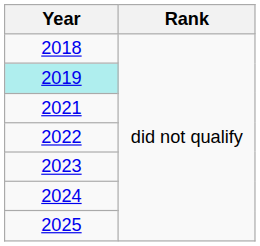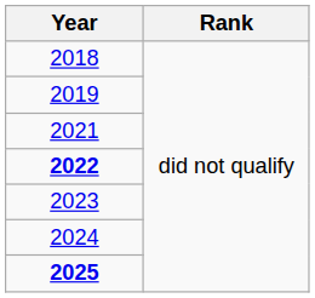 <table class="wikitable" style="text-align: center;font-size:97%;">
 <tr>
 <th width=90>Year</th>
 <th width=110>Rank</th>
 </tr>
 <tr>
 <td> <a href='#'>2018</a></td>
 <td colspan="7" rowspan=7>did not qualify</td>
 </tr>
 <tr>
-<td style="background: paleturquoise;"> <a href='#'>2019</a></td>
+<td> <a href='#'>2019</a></td>
 </tr>
 <tr>
 <td> <a href='#'>2021</a></td>
 </tr>
 <tr>
-<td> <a href='#'>2022</a></td>
+<td><strong> <a href='#'>2022</a></strong></td>
 </tr>
 <tr>
 <td> <a href='#'>2023</a></td>
 </tr>
 <tr>
 <td> <a href='#'>2024</a></td>
 </tr>
 <tr>
-<td> <a href='#'>2025</a></td>
+<td><strong> <a href='#'>2025</a></strong></td>
 </tr>
 </table>
